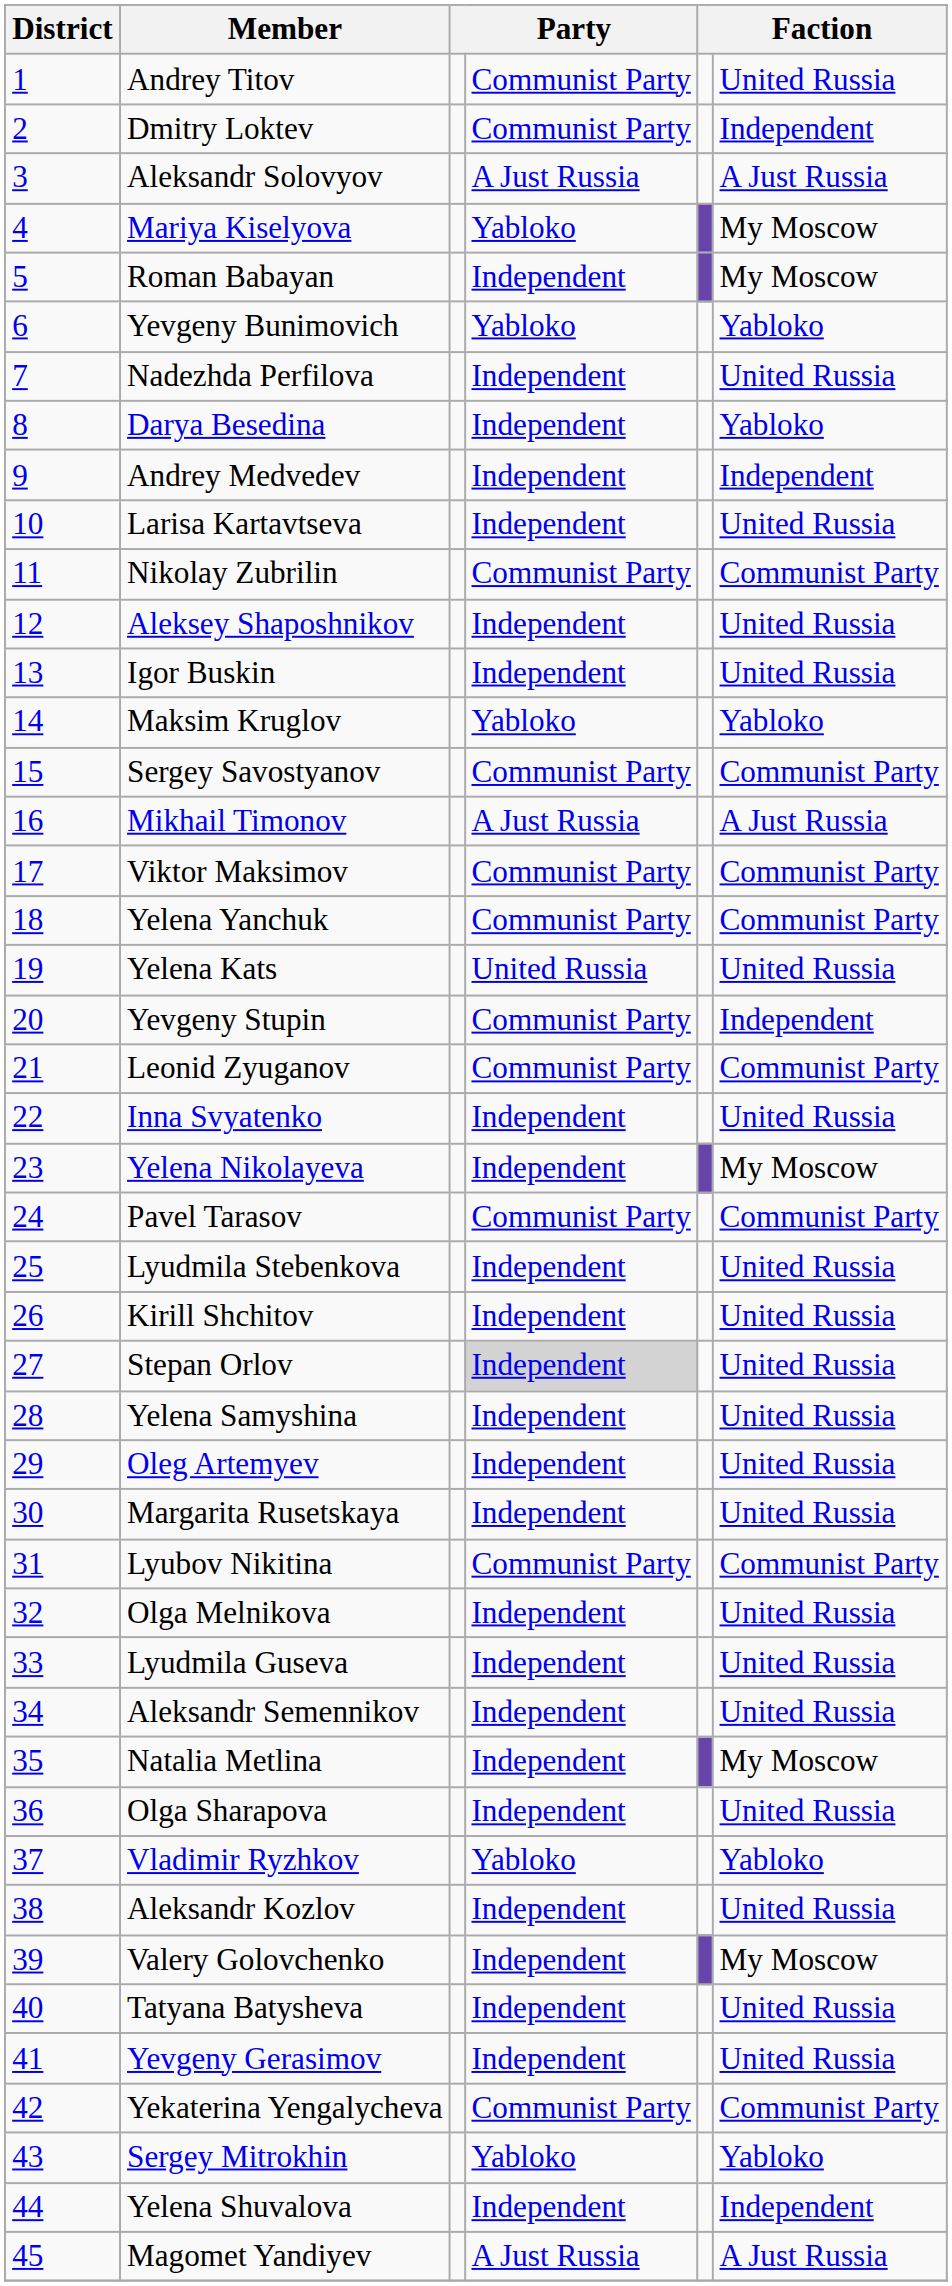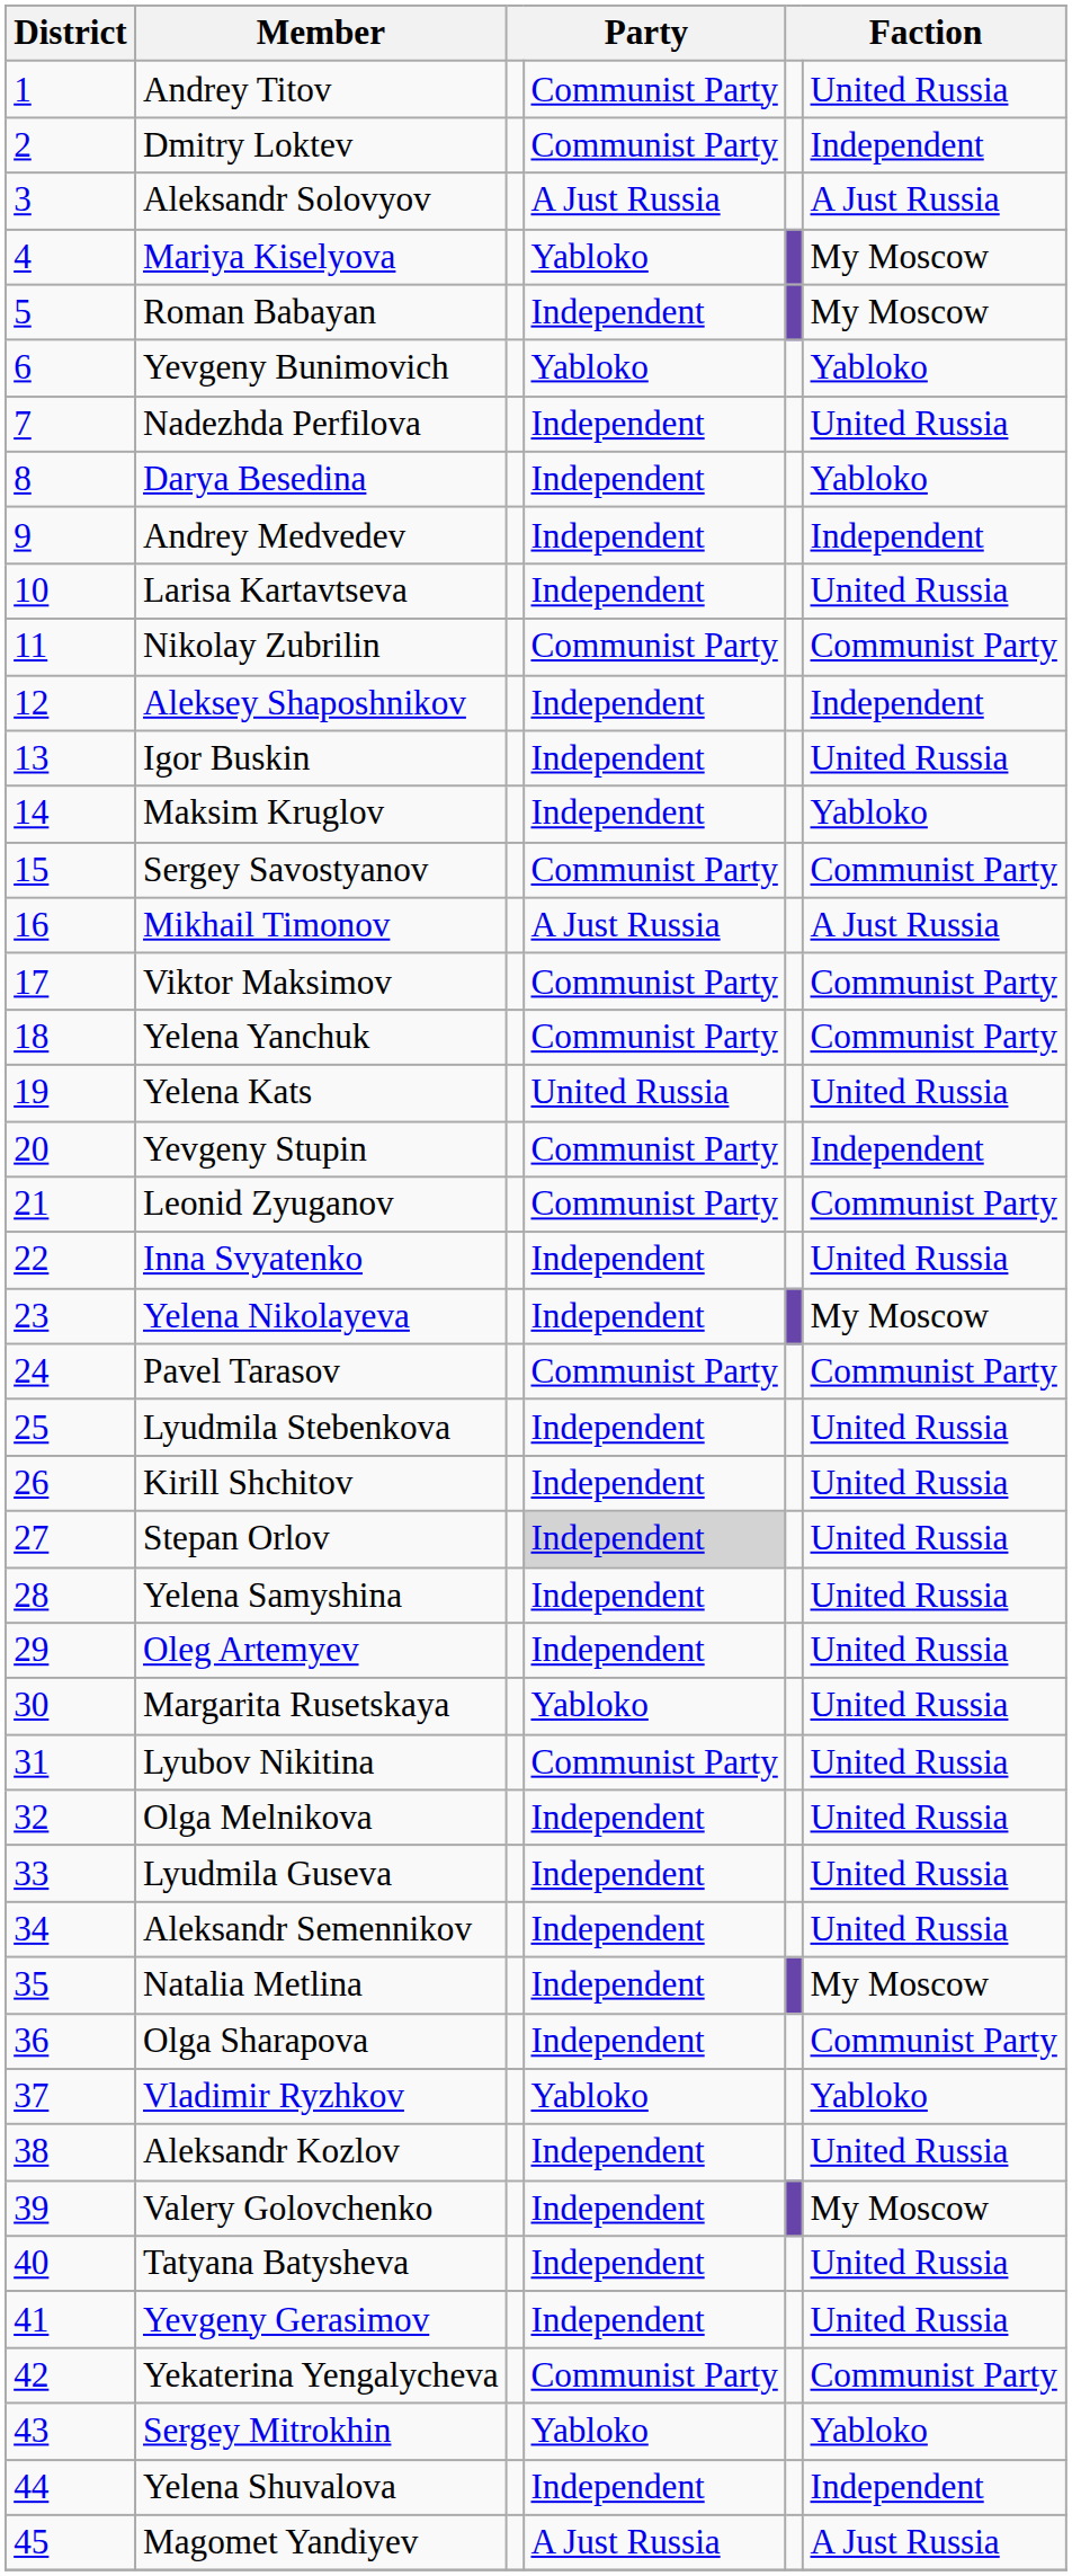 <table class="wikitable">
 <tr>
 <th>District</th>
 <th>Member</th>
 <th colspan="2">Party</th>
 <th colspan="2">Faction</th>
 </tr>
 <tr>
 <td><a href='#'>1</a></td>
 <td>Andrey Titov</td>
 <td style="background-color:"></td>
 <td><a href='#'>Communist Party</a></td>
 <td style="background-color: "></td>
 <td><a href='#'>United Russia</a></td>
 </tr>
 <tr>
 <td><a href='#'>2</a></td>
 <td>Dmitry Loktev</td>
 <td style="background-color:"></td>
 <td><a href='#'>Communist Party</a></td>
 <td style="background-color:"></td>
 <td><a href='#'>Independent</a></td>
 </tr>
 <tr>
 <td><a href='#'>3</a></td>
 <td>Aleksandr Solovyov</td>
 <td style="background-color:"></td>
 <td><a href='#'>A Just Russia</a></td>
 <td style="background-color:"></td>
 <td><a href='#'>A Just Russia</a></td>
 </tr>
 <tr>
 <td><a href='#'>4</a></td>
 <td><a href='#'>Mariya Kiselyova</a></td>
 <td style="background-color:"></td>
 <td><a href='#'>Yabloko</a></td>
 <td style="background-color:#6644AA"></td>
 <td>My Moscow</td>
 </tr>
 <tr>
 <td><a href='#'>5</a></td>
 <td>Roman Babayan</td>
 <td style="background-color:"></td>
 <td><a href='#'>Independent</a></td>
 <td style="background-color:#6644AA"></td>
 <td>My Moscow</td>
 </tr>
 <tr>
 <td><a href='#'>6</a></td>
 <td>Yevgeny Bunimovich</td>
 <td style="background-color:"></td>
 <td><a href='#'>Yabloko</a></td>
 <td style="background-color:"></td>
 <td><a href='#'>Yabloko</a></td>
 </tr>
 <tr>
 <td><a href='#'>7</a></td>
 <td>Nadezhda Perfilova</td>
 <td style="background-color:"></td>
 <td><a href='#'>Independent</a></td>
 <td style="background-color: "></td>
 <td><a href='#'>United Russia</a></td>
 </tr>
 <tr>
 <td><a href='#'>8</a></td>
 <td><a href='#'>Darya Besedina</a></td>
 <td style="background-color:"></td>
 <td><a href='#'>Independent</a></td>
 <td style="background-color: "></td>
 <td><a href='#'>Yabloko</a></td>
 </tr>
 <tr>
 <td><a href='#'>9</a></td>
 <td>Andrey Medvedev</td>
 <td style="background-color:"></td>
 <td><a href='#'>Independent</a></td>
 <td style="background-color:"></td>
 <td><a href='#'>Independent</a></td>
 </tr>
 <tr>
 <td><a href='#'>10</a></td>
 <td>Larisa Kartavtseva</td>
 <td style="background-color:"></td>
 <td><a href='#'>Independent</a></td>
 <td style="background-color: "></td>
 <td><a href='#'>United Russia</a></td>
 </tr>
 <tr>
 <td><a href='#'>11</a></td>
 <td>Nikolay Zubrilin</td>
 <td style="background-color:"></td>
 <td><a href='#'>Communist Party</a></td>
 <td style="background-color:"></td>
 <td><a href='#'>Communist Party</a></td>
 </tr>
 <tr>
 <td><a href='#'>12</a></td>
 <td><a href='#'>Aleksey Shaposhnikov</a></td>
 <td style="background-color:"></td>
 <td><a href='#'>Independent</a></td>
 <td style="background-color: "></td>
-<td><a href='#'>United Russia</a></td>
+<td><a href='#'>Independent</a></td>
 </tr>
 <tr>
 <td><a href='#'>13</a></td>
 <td>Igor Buskin</td>
 <td style="background-color:"></td>
 <td><a href='#'>Independent</a></td>
 <td style="background-color: "></td>
 <td><a href='#'>United Russia</a></td>
 </tr>
 <tr>
 <td><a href='#'>14</a></td>
 <td>Maksim Kruglov</td>
 <td style="background-color:"></td>
-<td><a href='#'>Yabloko</a></td>
+<td><a href='#'>Independent</a></td>
 <td style="background-color:"></td>
 <td><a href='#'>Yabloko</a></td>
 </tr>
 <tr>
 <td><a href='#'>15</a></td>
 <td>Sergey Savostyanov</td>
 <td style="background-color:"></td>
 <td><a href='#'>Communist Party</a></td>
 <td style="background-color:"></td>
 <td><a href='#'>Communist Party</a></td>
 </tr>
 <tr>
 <td><a href='#'>16</a></td>
 <td><a href='#'>Mikhail Timonov</a></td>
 <td style="background-color:"></td>
 <td><a href='#'>A Just Russia</a></td>
 <td style="background-color:"></td>
 <td><a href='#'>A Just Russia</a></td>
 </tr>
 <tr>
 <td><a href='#'>17</a></td>
 <td>Viktor Maksimov</td>
 <td style="background-color:"></td>
 <td><a href='#'>Communist Party</a></td>
 <td style="background-color:"></td>
 <td><a href='#'>Communist Party</a></td>
 </tr>
 <tr>
 <td><a href='#'>18</a></td>
 <td>Yelena Yanchuk</td>
 <td style="background-color:"></td>
 <td><a href='#'>Communist Party</a></td>
 <td style="background-color:"></td>
 <td><a href='#'>Communist Party</a></td>
 </tr>
 <tr>
 <td><a href='#'>19</a></td>
 <td>Yelena Kats</td>
 <td style="background-color:"></td>
 <td><a href='#'>United Russia</a></td>
 <td style="background-color: "></td>
 <td><a href='#'>United Russia</a></td>
 </tr>
 <tr>
 <td><a href='#'>20</a></td>
 <td>Yevgeny Stupin</td>
 <td style="background-color:"></td>
 <td><a href='#'>Communist Party</a></td>
 <td style="background-color:"></td>
 <td><a href='#'>Independent</a></td>
 </tr>
 <tr>
 <td><a href='#'>21</a></td>
 <td>Leonid Zyuganov</td>
 <td style="background-color:"></td>
 <td><a href='#'>Communist Party</a></td>
 <td style="background-color:"></td>
 <td><a href='#'>Communist Party</a></td>
 </tr>
 <tr>
 <td><a href='#'>22</a></td>
 <td><a href='#'>Inna Svyatenko</a></td>
 <td style="background-color:"></td>
 <td><a href='#'>Independent</a></td>
 <td style="background-color: "></td>
 <td><a href='#'>United Russia</a></td>
 </tr>
 <tr>
 <td><a href='#'>23</a></td>
 <td><a href='#'>Yelena Nikolayeva</a></td>
 <td style="background-color:"></td>
 <td><a href='#'>Independent</a></td>
 <td style="background-color:#6644AA"></td>
 <td>My Moscow</td>
 </tr>
 <tr>
 <td><a href='#'>24</a></td>
 <td>Pavel Tarasov</td>
 <td style="background-color:"></td>
 <td><a href='#'>Communist Party</a></td>
 <td style="background-color:"></td>
 <td><a href='#'>Communist Party</a></td>
 </tr>
 <tr>
 <td><a href='#'>25</a></td>
 <td>Lyudmila Stebenkova</td>
 <td style="background-color:"></td>
 <td><a href='#'>Independent</a></td>
 <td style="background-color: "></td>
 <td><a href='#'>United Russia</a></td>
 </tr>
 <tr>
 <td><a href='#'>26</a></td>
 <td>Kirill Shchitov</td>
 <td style="background-color:"></td>
 <td><a href='#'>Independent</a></td>
 <td style="background-color: "></td>
 <td><a href='#'>United Russia</a></td>
 </tr>
 <tr>
 <td><a href='#'>27</a></td>
 <td>Stepan Orlov</td>
 <td style="background-color:"></td>
 <td style="background: lightgrey;"><a href='#'>Independent</a></td>
 <td style="background-color: "></td>
 <td><a href='#'>United Russia</a></td>
 </tr>
 <tr>
 <td><a href='#'>28</a></td>
 <td>Yelena Samyshina</td>
 <td style="background-color:"></td>
 <td><a href='#'>Independent</a></td>
 <td style="background-color: "></td>
 <td><a href='#'>United Russia</a></td>
 </tr>
 <tr>
 <td><a href='#'>29</a></td>
 <td><a href='#'>Oleg Artemyev</a></td>
 <td style="background-color:"></td>
 <td><a href='#'>Independent</a></td>
 <td style="background-color: "></td>
 <td><a href='#'>United Russia</a></td>
 </tr>
 <tr>
 <td><a href='#'>30</a></td>
 <td>Margarita Rusetskaya</td>
 <td style="background-color:"></td>
-<td><a href='#'>Independent</a></td>
+<td><a href='#'>Yabloko</a></td>
 <td style="background-color: "></td>
 <td><a href='#'>United Russia</a></td>
 </tr>
 <tr>
 <td><a href='#'>31</a></td>
 <td>Lyubov Nikitina</td>
 <td style="background-color:"></td>
 <td><a href='#'>Communist Party</a></td>
 <td style="background-color:"></td>
-<td><a href='#'>Communist Party</a></td>
+<td><a href='#'>United Russia</a></td>
 </tr>
 <tr>
 <td><a href='#'>32</a></td>
 <td>Olga Melnikova</td>
 <td style="background-color:"></td>
 <td><a href='#'>Independent</a></td>
 <td style="background-color: "></td>
 <td><a href='#'>United Russia</a></td>
 </tr>
 <tr>
 <td><a href='#'>33</a></td>
 <td>Lyudmila Guseva</td>
 <td style="background-color:"></td>
 <td><a href='#'>Independent</a></td>
 <td style="background-color: "></td>
 <td><a href='#'>United Russia</a></td>
 </tr>
 <tr>
 <td><a href='#'>34</a></td>
 <td>Aleksandr Semennikov</td>
 <td style="background-color:"></td>
 <td><a href='#'>Independent</a></td>
 <td style="background-color: "></td>
 <td><a href='#'>United Russia</a></td>
 </tr>
 <tr>
 <td><a href='#'>35</a></td>
 <td>Natalia Metlina</td>
 <td style="background-color:"></td>
 <td><a href='#'>Independent</a></td>
 <td style="background-color:#6644AA"></td>
 <td>My Moscow</td>
 </tr>
 <tr>
 <td><a href='#'>36</a></td>
 <td>Olga Sharapova</td>
 <td style="background-color:"></td>
 <td><a href='#'>Independent</a></td>
 <td style="background-color: "></td>
-<td><a href='#'>United Russia</a></td>
+<td><a href='#'>Communist Party</a></td>
 </tr>
 <tr>
 <td><a href='#'>37</a></td>
 <td><a href='#'>Vladimir Ryzhkov</a></td>
 <td style="background-color:"></td>
 <td><a href='#'>Yabloko</a></td>
 <td style="background-color: "></td>
 <td><a href='#'>Yabloko</a></td>
 </tr>
 <tr>
 <td><a href='#'>38</a></td>
 <td>Aleksandr Kozlov</td>
 <td style="background-color:"></td>
 <td><a href='#'>Independent</a></td>
 <td style="background-color: "></td>
 <td><a href='#'>United Russia</a></td>
 </tr>
 <tr>
 <td><a href='#'>39</a></td>
 <td>Valery Golovchenko</td>
 <td style="background-color:"></td>
 <td><a href='#'>Independent</a></td>
 <td style="background-color:#6644AA"></td>
 <td>My Moscow</td>
 </tr>
 <tr>
 <td><a href='#'>40</a></td>
 <td>Tatyana Batysheva</td>
 <td style="background-color:"></td>
 <td><a href='#'>Independent</a></td>
 <td style="background-color: "></td>
 <td><a href='#'>United Russia</a></td>
 </tr>
 <tr>
 <td><a href='#'>41</a></td>
 <td><a href='#'>Yevgeny Gerasimov</a></td>
 <td style="background-color:"></td>
 <td><a href='#'>Independent</a></td>
 <td style="background-color: "></td>
 <td><a href='#'>United Russia</a></td>
 </tr>
 <tr>
 <td><a href='#'>42</a></td>
 <td>Yekaterina Yengalycheva</td>
 <td style="background-color:"></td>
 <td><a href='#'>Communist Party</a></td>
 <td style="background-color:"></td>
 <td><a href='#'>Communist Party</a></td>
 </tr>
 <tr>
 <td><a href='#'>43</a></td>
 <td><a href='#'>Sergey Mitrokhin</a></td>
 <td style="background-color:"></td>
 <td><a href='#'>Yabloko</a></td>
 <td style="background-color: "></td>
 <td><a href='#'>Yabloko</a></td>
 </tr>
 <tr>
 <td><a href='#'>44</a></td>
 <td>Yelena Shuvalova</td>
 <td style="background-color:"></td>
 <td><a href='#'>Independent</a></td>
 <td style="background-color:"></td>
 <td><a href='#'>Independent</a></td>
 </tr>
 <tr>
 <td><a href='#'>45</a></td>
 <td>Magomet Yandiyev</td>
 <td style="background-color:"></td>
 <td><a href='#'>A Just Russia</a></td>
 <td style="background-color:"></td>
 <td><a href='#'>A Just Russia</a></td>
 </tr>
 <tr>
 </tr>
 </table>
